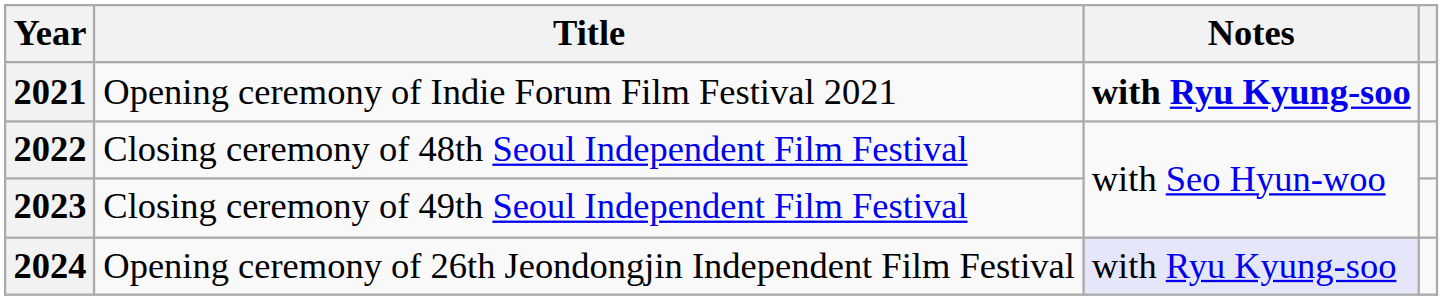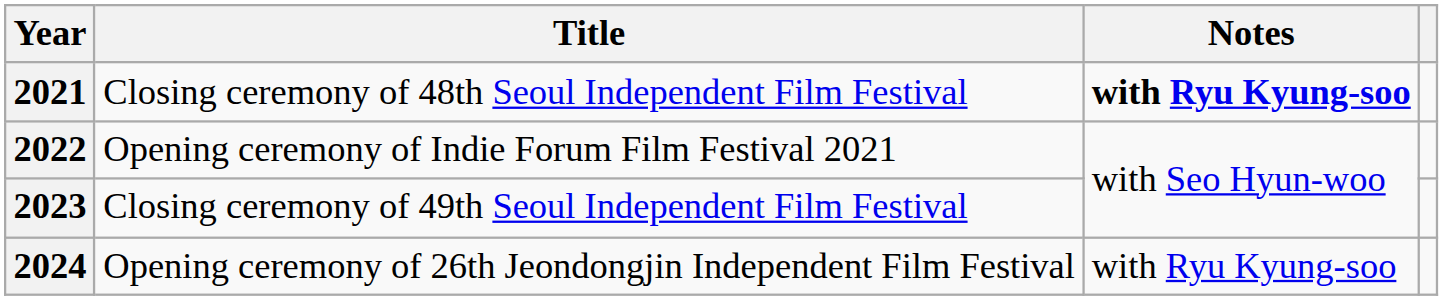 <table class="wikitable sortable plainrowheaders">
 <tr>
 <th scope="col">Year</th>
 <th scope="col">Title</th>
 <th scope="col">Notes</th>
 <th scope="col" class="unsortable"></th>
 </tr>
 <tr>
 <th scope="row">2021</th>
-<td>Opening ceremony of Indie Forum Film Festival 2021</td>
+<td>Closing ceremony of 48th <a href='#'>Seoul Independent Film Festival</a></td>
 <td><strong>with <a href='#'>Ryu Kyung-soo</a></strong></td>
 <td style="text-align:center"></td>
 </tr>
 <tr>
 <th scope="row">2022</th>
-<td>Closing ceremony of 48th <a href='#'>Seoul Independent Film Festival</a></td>
+<td>Opening ceremony of Indie Forum Film Festival 2021</td>
 <td rowspan="2">with <a href='#'>Seo Hyun-woo</a></td>
 <td style="text-align:center"></td>
 </tr>
 <tr>
 <th scope="row">2023</th>
 <td>Closing ceremony of 49th <a href='#'>Seoul Independent Film Festival</a></td>
 <td style="text-align:center"></td>
 </tr>
 <tr>
 <th scope="row">2024</th>
 <td>Opening ceremony of 26th Jeondongjin Independent Film Festival</td>
-<td style="background: lavender;">with <a href='#'>Ryu Kyung-soo</a></td>
+<td>with <a href='#'>Ryu Kyung-soo</a></td>
 <td></td>
 </tr>
 </table>
